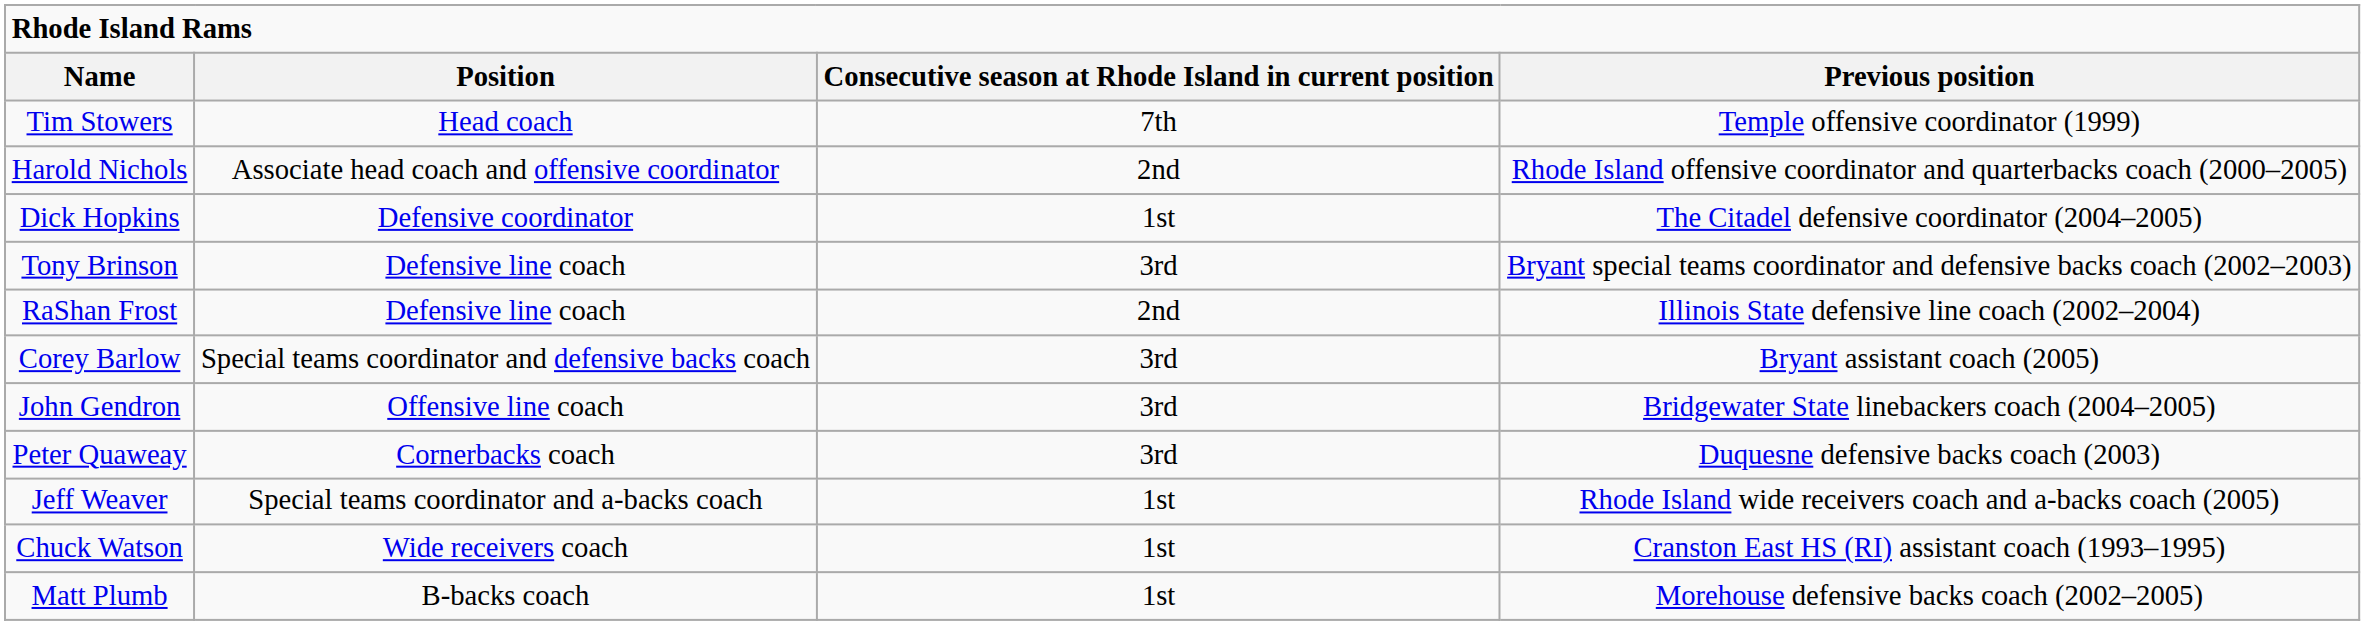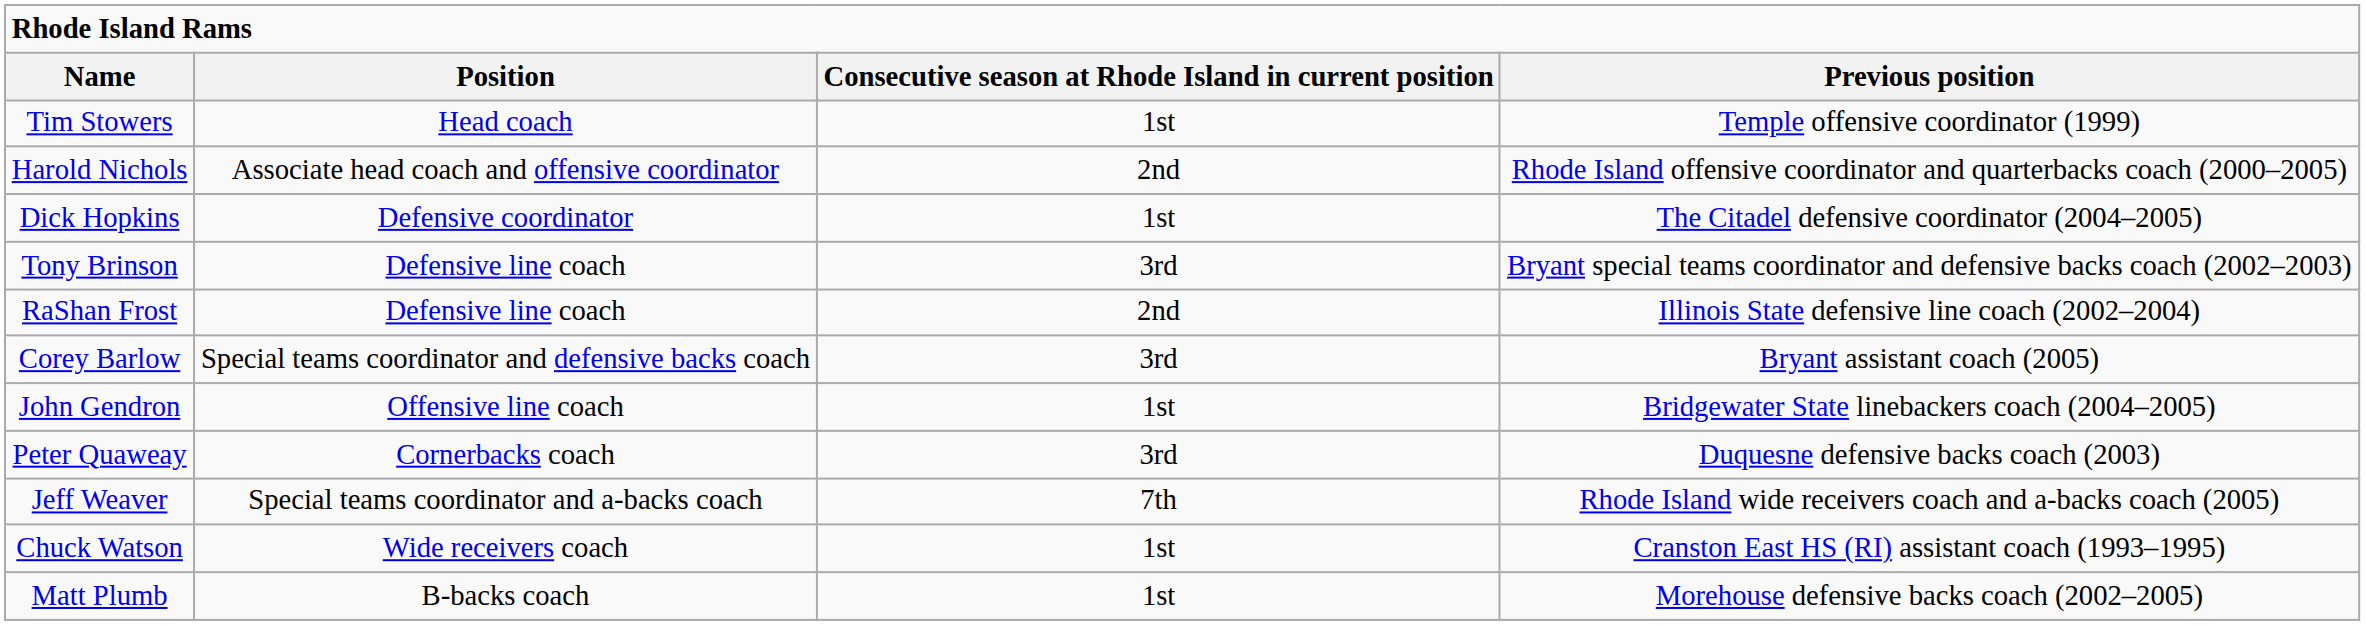 <table class="wikitable" style="font-size:90%;">
 <tr>
 <td colspan=5><strong>Rhode Island Rams</strong></td>
 </tr>
 <tr align="center";>
 <th>Name</th>
 <th>Position</th>
 <th>Consecutive season at Rhode Island in current position</th>
 <th>Previous position</th>
 </tr>
 <tr align="center";>
 <td><a href='#'>Tim Stowers</a></td>
 <td><a href='#'>Head coach</a></td>
-<td>7th</td>
+<td>1st</td>
 <td><a href='#'>Temple</a> offensive coordinator (1999)</td>
 </tr>
 <tr align="center" ;>
 <td><a href='#'>Harold Nichols</a></td>
 <td>Associate head coach and <a href='#'>offensive coordinator</a></td>
 <td>2nd</td>
 <td><a href='#'>Rhode Island</a> offensive coordinator and quarterbacks coach (2000–2005)</td>
 </tr>
 <tr align="center" ;>
 <td><a href='#'>Dick Hopkins</a></td>
 <td><a href='#'>Defensive coordinator</a></td>
 <td>1st</td>
 <td><a href='#'>The Citadel</a> defensive coordinator (2004–2005)</td>
 </tr>
 <tr align="center" ;>
 <td><a href='#'>Tony Brinson</a></td>
 <td><a href='#'>Defensive line</a> coach</td>
 <td>3rd</td>
 <td><a href='#'>Bryant</a> special teams coordinator and defensive backs coach (2002–2003)</td>
 </tr>
 <tr align="center" ;>
 <td><a href='#'>RaShan Frost</a></td>
 <td><a href='#'>Defensive line</a> coach</td>
 <td>2nd</td>
 <td><a href='#'>Illinois State</a> defensive line coach (2002–2004)</td>
 </tr>
 <tr align="center" ;>
 <td><a href='#'>Corey Barlow</a></td>
 <td>Special teams coordinator and <a href='#'>defensive backs</a> coach</td>
 <td>3rd</td>
 <td><a href='#'>Bryant</a> assistant coach (2005)</td>
 </tr>
 <tr align="center" ;>
 <td><a href='#'>John Gendron</a></td>
 <td><a href='#'>Offensive line</a> coach</td>
-<td>3rd</td>
+<td>1st</td>
 <td><a href='#'>Bridgewater State</a> linebackers coach (2004–2005)</td>
 </tr>
 <tr align="center" ;>
 <td><a href='#'>Peter Quaweay</a></td>
 <td><a href='#'>Cornerbacks</a> coach</td>
 <td>3rd</td>
 <td><a href='#'>Duquesne</a> defensive backs coach (2003)</td>
 </tr>
 <tr align="center" ;>
 <td><a href='#'>Jeff Weaver</a></td>
 <td>Special teams coordinator and a-backs coach</td>
-<td>1st</td>
+<td>7th</td>
 <td><a href='#'>Rhode Island</a> wide receivers coach and a-backs coach (2005)</td>
 </tr>
 <tr align="center" ;>
 <td><a href='#'>Chuck Watson</a></td>
 <td><a href='#'>Wide receivers</a> coach</td>
 <td>1st</td>
 <td><a href='#'>Cranston East HS (RI)</a> assistant coach (1993–1995)</td>
 </tr>
 <tr align="center" ;>
 <td><a href='#'>Matt Plumb</a></td>
 <td>B-backs coach</td>
 <td>1st</td>
 <td><a href='#'>Morehouse</a> defensive backs coach (2002–2005)</td>
 </tr>
 </table>
